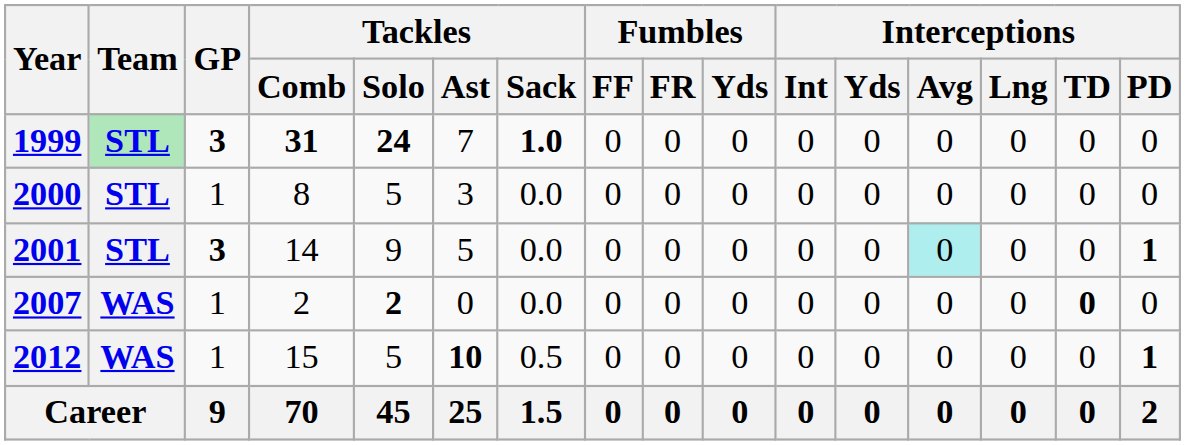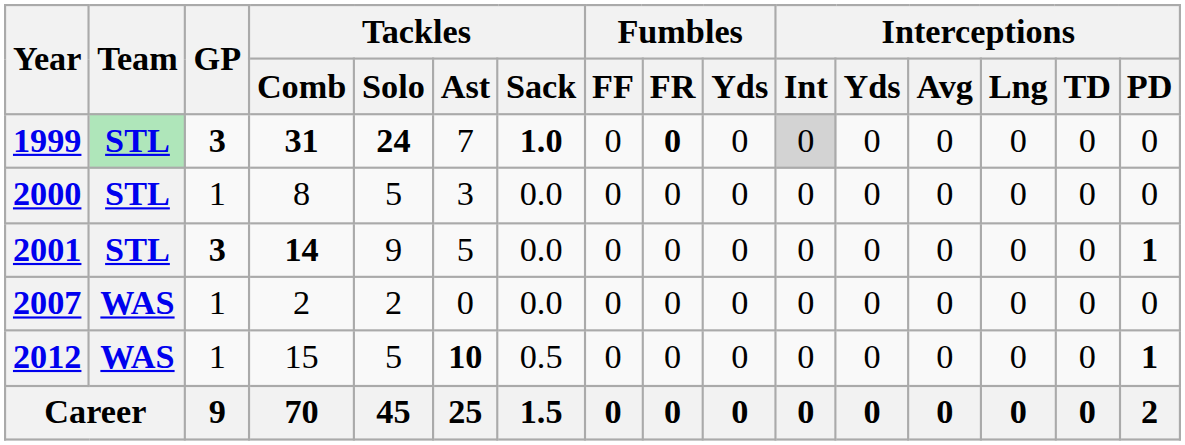 <table class="wikitable" style="text-align:center;">
 <tr>
 <th rowspan="2">Year</th>
 <th rowspan="2">Team</th>
 <th rowspan="2">GP</th>
 <th colspan="4">Tackles</th>
 <th colspan="3">Fumbles</th>
 <th colspan="6">Interceptions</th>
 </tr>
 <tr>
 <th>Comb</th>
 <th>Solo</th>
 <th>Ast</th>
 <th>Sack</th>
 <th>FF</th>
 <th>FR</th>
 <th>Yds</th>
 <th>Int</th>
 <th>Yds</th>
 <th>Avg</th>
 <th>Lng</th>
 <th>TD</th>
 <th>PD</th>
 </tr>
 <tr>
 <th><a href='#'>1999</a></th>
 <th style="background:#afe6ba;"><a href='#'>STL</a></th>
 <td><strong>3</strong></td>
 <td><strong>31</strong></td>
 <td><strong>24</strong></td>
 <td>7</td>
 <td><strong>1.0</strong></td>
 <td>0</td>
+<td><strong>0</strong></td>
 <td>0</td>
-<td>0</td>
-<td>0</td>
+<td style="background: lightgrey;">0</td>
 <td>0</td>
 <td>0</td>
 <td>0</td>
 <td>0</td>
 <td>0</td>
 </tr>
 <tr>
 <th><a href='#'>2000</a></th>
 <th><a href='#'>STL</a></th>
 <td>1</td>
 <td>8</td>
 <td>5</td>
 <td>3</td>
 <td>0.0</td>
 <td>0</td>
 <td>0</td>
 <td>0</td>
 <td>0</td>
 <td>0</td>
 <td>0</td>
 <td>0</td>
 <td>0</td>
 <td>0</td>
 </tr>
 <tr>
 <th><a href='#'>2001</a></th>
 <th><a href='#'>STL</a></th>
 <td><strong>3</strong></td>
-<td>14</td>
+<td><strong>14</strong></td>
 <td>9</td>
 <td>5</td>
 <td>0.0</td>
 <td>0</td>
 <td>0</td>
 <td>0</td>
 <td>0</td>
 <td>0</td>
-<td style="background: paleturquoise;">0</td>
+<td>0</td>
 <td>0</td>
 <td>0</td>
 <td><strong>1</strong></td>
 </tr>
 <tr>
 <th><a href='#'>2007</a></th>
 <th><a href='#'>WAS</a></th>
 <td>1</td>
 <td>2</td>
-<td><strong>2</strong></td>
+<td>2</td>
 <td>0</td>
 <td>0.0</td>
 <td>0</td>
 <td>0</td>
 <td>0</td>
 <td>0</td>
 <td>0</td>
 <td>0</td>
 <td>0</td>
-<td><strong>0</strong></td>
+<td>0</td>
 <td>0</td>
 </tr>
 <tr>
 <th><a href='#'>2012</a></th>
 <th><a href='#'>WAS</a></th>
 <td>1</td>
 <td>15</td>
 <td>5</td>
 <td><strong>10</strong></td>
 <td>0.5</td>
 <td>0</td>
 <td>0</td>
 <td>0</td>
 <td>0</td>
 <td>0</td>
 <td>0</td>
 <td>0</td>
 <td>0</td>
 <td><strong>1</strong></td>
 </tr>
 <tr>
 <th colspan="2">Career</th>
 <th>9</th>
 <th>70</th>
 <th>45</th>
 <th>25</th>
 <th>1.5</th>
 <th>0</th>
 <th>0</th>
 <th>0</th>
 <th>0</th>
 <th>0</th>
 <th>0</th>
 <th>0</th>
 <th>0</th>
 <th>2</th>
 </tr>
 </table>
